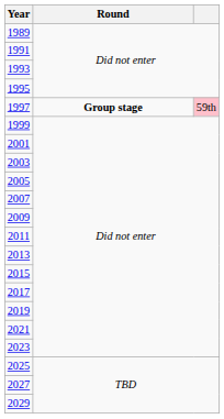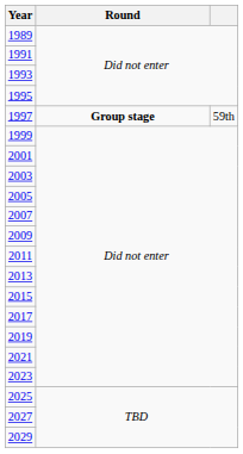 <table class="wikitable" style="text-align: center; font-size:90%">
 <tr>
 <th>Year</th>
 <th style="width:200px">Round</th>
 <th></th>
 </tr>
 <tr>
 <td><a href='#'>1989</a></td>
 <td colspan="2" rowspan="4"><em>Did not enter</em></td>
 </tr>
 <tr>
 <td><a href='#'>1991</a></td>
 </tr>
 <tr>
 <td><a href='#'>1993</a></td>
 </tr>
 <tr>
 <td><a href='#'>1995</a></td>
 </tr>
 <tr>
 <td><a href='#'>1997</a></td>
 <td><strong>Group stage</strong></td>
-<td style="background: pink;">59th</td>
+<td>59th</td>
 </tr>
 <tr>
 <td><a href='#'>1999</a></td>
 <td colspan="2" rowspan="13"><em>Did not enter</em></td>
 </tr>
 <tr>
 <td><a href='#'>2001</a></td>
 </tr>
 <tr>
 <td><a href='#'>2003</a></td>
 </tr>
 <tr>
 <td><a href='#'>2005</a></td>
 </tr>
 <tr>
 <td><a href='#'>2007</a></td>
 </tr>
 <tr>
 <td><a href='#'>2009</a></td>
 </tr>
 <tr>
 <td><a href='#'>2011</a></td>
 </tr>
 <tr>
 <td><a href='#'>2013</a></td>
 </tr>
 <tr>
 <td><a href='#'>2015</a></td>
 </tr>
 <tr>
 <td><a href='#'>2017</a></td>
 </tr>
 <tr>
 <td><a href='#'>2019</a></td>
 </tr>
 <tr>
 <td><a href='#'>2021</a></td>
 </tr>
 <tr>
 <td><a href='#'>2023</a></td>
 </tr>
 <tr>
 <td><a href='#'>2025</a></td>
 <td colspan="2" rowspan="3"><em>TBD</em></td>
 </tr>
 <tr>
 <td><a href='#'>2027</a></td>
 </tr>
 <tr>
 <td><a href='#'>2029</a></td>
 </tr>
 </table>
